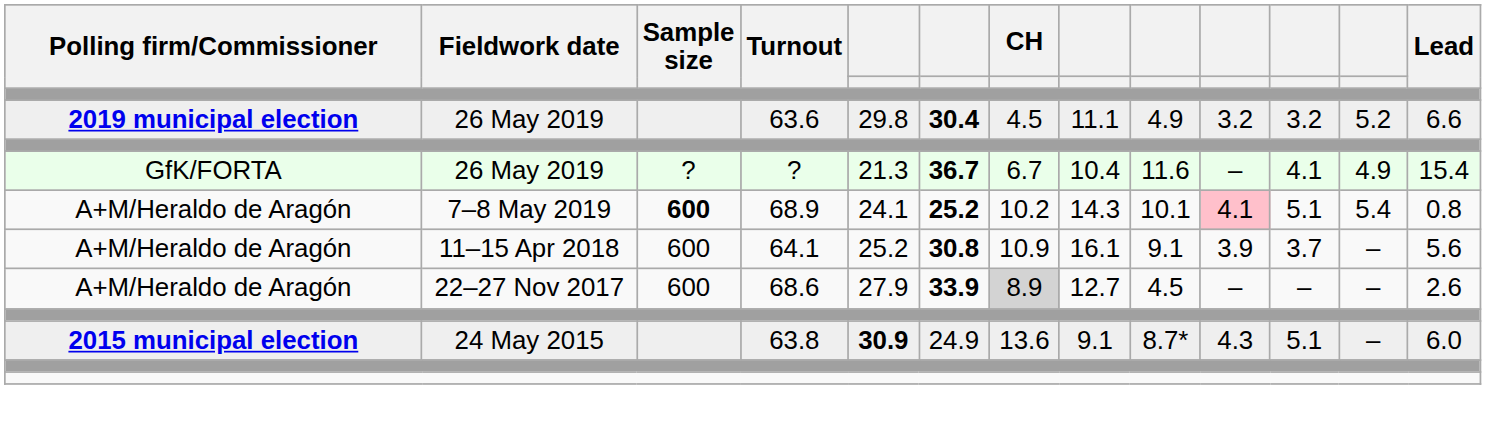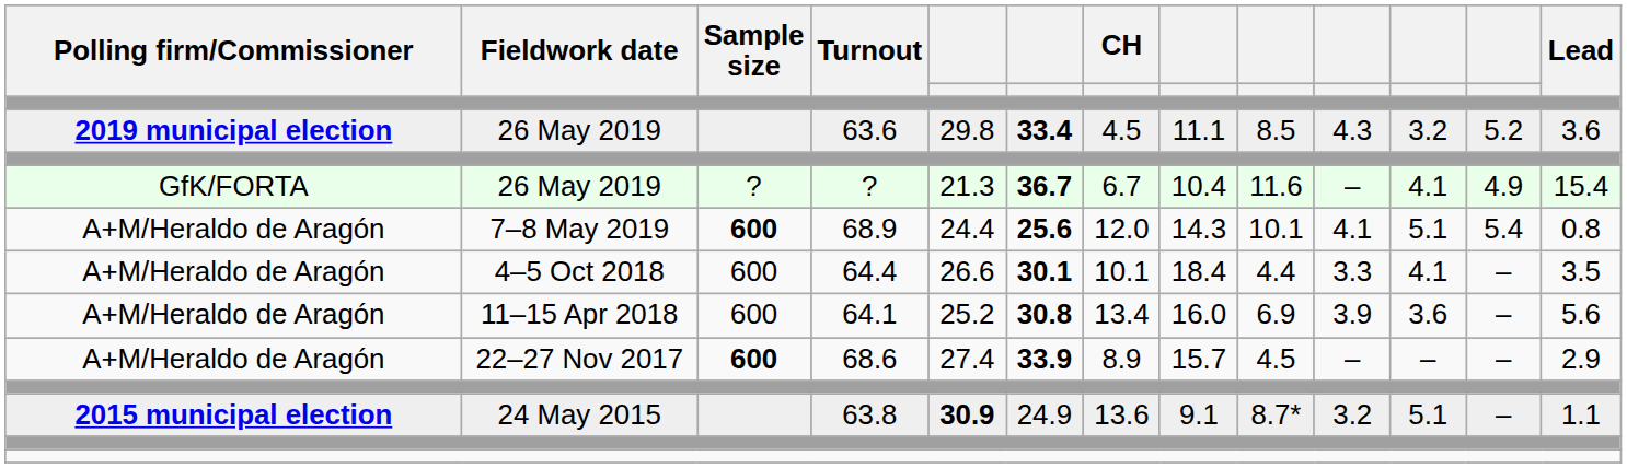 <table class="wikitable collapsible collapsed" style="text-align:center; font-size:95%; line-height:16px;">
 <tr style="height:42px;">
 <th style="width:250px;" rowspan="2">Polling firm/Commissioner</th>
 <th style="width:125px;" rowspan="2">Fieldwork date</th>
 <th style="width:50px;" rowspan="2">Sample size</th>
 <th style="width:45px;" rowspan="2">Turnout</th>
 <th style="width:35px;"></th>
 <th style="width:35px;"></th>
 <th style="width:35px;">CH</th>
 <th style="width:35px;"></th>
 <th style="width:35px;"></th>
 <th style="width:35px;"></th>
 <th style="width:35px;"></th>
 <th style="width:35px;"></th>
 <th style="width:30px;" rowspan="2">Lead</th>
 </tr>
 <tr>
 <th style="color:inherit;background:"></th>
 <th style="color:inherit;background:"></th>
 <th style="color:inherit;background:"></th>
 <th style="color:inherit;background:"></th>
 <th style="color:inherit;background:"></th>
 <th style="color:inherit;background:"></th>
 <th style="color:inherit;background:"></th>
 <th style="color:inherit;background:"></th>
 </tr>
 <tr>
 <td colspan="13" style="background:#A0A0A0"></td>
 </tr>
 <tr style="background:#EFEFEF;">
 <td><strong><a href='#'>2019 municipal election</a></strong></td>
 <td>26 May 2019</td>
 <td></td>
 <td>63.6</td>
 <td>29.8<br></td>
-<td><strong>30.4</strong><br></td>
+<td><strong>33.4</strong><br></td>
 <td>4.5<br></td>
 <td>11.1<br></td>
-<td>4.9<br></td>
-<td>3.2<br></td>
+<td>8.5<br></td>
+<td>4.3<br></td>
 <td>3.2<br></td>
 <td>5.2<br></td>
-<td style="background:">6.6</td>
+<td style="background:">3.6</td>
 </tr>
 <tr>
 <td colspan="13" style="background:#A0A0A0"></td>
 </tr>
 <tr style="background:#EAFFEA;">
 <td>GfK/FORTA</td>
 <td>26 May 2019</td>
 <td>?</td>
 <td>?</td>
 <td>21.3<br></td>
 <td><strong>36.7</strong><br></td>
 <td>6.7<br></td>
 <td>10.4<br></td>
 <td>11.6<br></td>
 <td>–</td>
 <td>4.1<br></td>
 <td>4.9<br></td>
 <td style="background:">15.4</td>
 </tr>
 <tr>
 <td>A+M/Heraldo de Aragón</td>
 <td>7–8 May 2019</td>
 <td><strong>600</strong></td>
 <td>68.9</td>
-<td>24.1<br></td>
-<td><strong>25.2</strong><br></td>
-<td>10.2<br></td>
+<td>24.4<br></td>
+<td><strong>25.6</strong><br></td>
+<td>12.0<br></td>
 <td>14.3<br></td>
 <td>10.1<br></td>
-<td style="background: pink;">4.1<br></td>
+<td>4.1<br></td>
 <td>5.1<br></td>
 <td>5.4<br></td>
 <td style="background:">0.8</td>
+</tr>
+<tr>
+<td>A+M/Heraldo de Aragón</td>
+<td>4–5 Oct 2018</td>
+<td>600</td>
+<td>64.4</td>
+<td>26.6<br></td>
+<td><strong>30.1</strong><br></td>
+<td>10.1<br></td>
+<td>18.4<br></td>
+<td>4.4<br></td>
+<td>3.3<br></td>
+<td>4.1<br></td>
+<td>–</td>
+<td style="background:">3.5</td>
 </tr>
 <tr>
 <td>A+M/Heraldo de Aragón</td>
 <td>11–15 Apr 2018</td>
 <td>600</td>
 <td>64.1</td>
 <td>25.2<br></td>
 <td><strong>30.8</strong><br></td>
-<td>10.9<br></td>
-<td>16.1<br></td>
-<td>9.1<br></td>
+<td>13.4<br></td>
+<td>16.0<br></td>
+<td>6.9<br></td>
 <td>3.9<br></td>
-<td>3.7<br></td>
+<td>3.6<br></td>
 <td>–</td>
 <td style="background:">5.6</td>
 </tr>
 <tr>
 <td>A+M/Heraldo de Aragón</td>
 <td>22–27 Nov 2017</td>
-<td>600</td>
+<td><strong>600</strong></td>
 <td>68.6</td>
-<td>27.9<br></td>
+<td>27.4<br></td>
 <td><strong>33.9</strong><br></td>
-<td style="background: lightgrey;">8.9<br></td>
-<td>12.7<br></td>
+<td>8.9<br></td>
+<td>15.7<br></td>
 <td>4.5<br></td>
 <td>–</td>
 <td>–</td>
 <td>–</td>
-<td style="background:">2.6</td>
+<td style="background:">2.9</td>
 </tr>
 <tr>
 <td colspan="13" style="background:#A0A0A0"></td>
 </tr>
 <tr style="background:#EFEFEF;">
 <td><strong><a href='#'>2015 municipal election</a></strong></td>
 <td>24 May 2015</td>
 <td></td>
 <td>63.8</td>
 <td><strong>30.9</strong><br></td>
 <td>24.9<br></td>
 <td>13.6<br></td>
 <td>9.1<br></td>
 <td>8.7*<br></td>
-<td>4.3<br></td>
+<td>3.2<br></td>
 <td>5.1<br></td>
 <td>–</td>
-<td style="background:">6.0</td>
+<td style="background:">1.1</td>
 </tr>
 <tr>
 <td colspan="13" style="background:#A0A0A0"></td>
 </tr>
 <tr>
 <td align="left" colspan="13"></td>
 </tr>
 </table>
